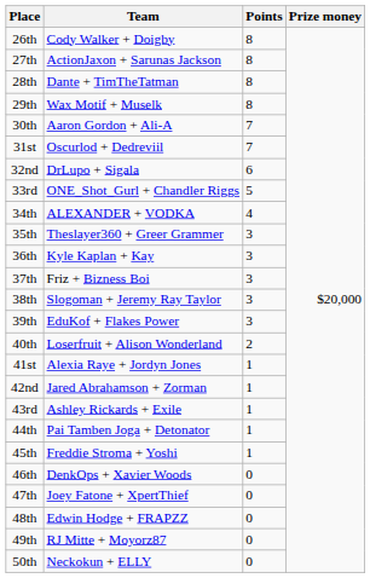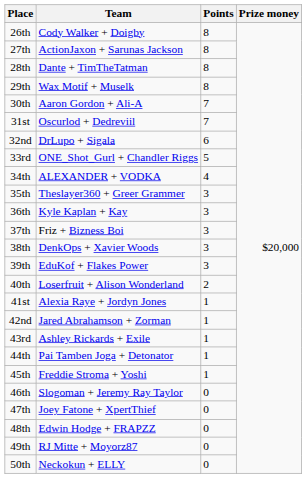 <table class="wikitable" style="display: inline-table; margin-left: 50px;text-align:left">
 <tr>
 <th>Place</th>
 <th>Team</th>
 <th>Points</th>
 <th>Prize money</th>
 </tr>
 <tr>
 <td style="text-align:center">26th</td>
 <td><a href='#'>Cody Walker</a> + <a href='#'>Doigby</a></td>
 <td>8</td>
 <td style="text-align:right" rowspan="25">$20,000</td>
 </tr>
 <tr>
 <td style="text-align:center">27th</td>
 <td><a href='#'>ActionJaxon</a> + <a href='#'>Sarunas Jackson</a></td>
 <td>8</td>
 </tr>
 <tr>
 <td style="text-align:center">28th</td>
 <td><a href='#'>Dante</a> + <a href='#'>TimTheTatman</a></td>
 <td>8</td>
 </tr>
 <tr>
 <td style="text-align:center">29th</td>
 <td><a href='#'>Wax Motif</a> + <a href='#'>Muselk</a></td>
 <td>8</td>
 </tr>
 <tr>
 <td style="text-align:center">30th</td>
 <td><a href='#'>Aaron Gordon</a> + <a href='#'>Ali-A</a></td>
 <td>7</td>
 </tr>
 <tr>
 <td style="text-align:center">31st</td>
 <td><a href='#'>Oscurlod</a> + <a href='#'>Dedreviil</a></td>
 <td>7</td>
 </tr>
 <tr>
 <td style="text-align:center">32nd</td>
 <td><a href='#'>DrLupo</a> + <a href='#'>Sigala</a></td>
 <td>6</td>
 </tr>
 <tr>
 <td style="text-align:center">33rd</td>
 <td><a href='#'>ONE_Shot_Gurl</a> + <a href='#'>Chandler Riggs</a></td>
 <td>5</td>
 </tr>
 <tr>
 <td style="text-align:center">34th</td>
 <td><a href='#'>ALEXANDER</a> + <a href='#'>VODKA</a></td>
 <td>4</td>
 </tr>
 <tr>
 <td style="text-align:center">35th</td>
 <td><a href='#'>Theslayer360</a> + <a href='#'>Greer Grammer</a></td>
 <td>3</td>
 </tr>
 <tr>
 <td style="text-align:center">36th</td>
 <td><a href='#'>Kyle Kaplan</a> + <a href='#'>Kay</a></td>
 <td>3</td>
 </tr>
 <tr>
 <td style="text-align:center">37th</td>
 <td>Friz + <a href='#'>Bizness Boi</a></td>
 <td>3</td>
 </tr>
 <tr>
 <td style="text-align:center">38th</td>
-<td><a href='#'>Slogoman</a> + <a href='#'>Jeremy Ray Taylor</a></td>
+<td><a href='#'>DenkOps</a> + <a href='#'>Xavier Woods</a></td>
 <td>3</td>
 </tr>
 <tr>
 <td style="text-align:center">39th</td>
 <td><a href='#'>EduKof</a> + <a href='#'>Flakes Power</a></td>
 <td>3</td>
 </tr>
 <tr>
 <td style="text-align:center">40th</td>
 <td><a href='#'>Loserfruit</a> + <a href='#'>Alison Wonderland</a></td>
 <td>2</td>
 </tr>
 <tr>
 <td style="text-align:center">41st</td>
 <td><a href='#'>Alexia Raye</a> + <a href='#'>Jordyn Jones</a></td>
 <td>1</td>
 </tr>
 <tr>
 <td style="text-align:center">42nd</td>
 <td><a href='#'>Jared Abrahamson</a> + <a href='#'>Zorman</a></td>
 <td>1</td>
 </tr>
 <tr>
 <td style="text-align:center">43rd</td>
 <td><a href='#'>Ashley Rickards</a> + <a href='#'>Exile</a></td>
 <td>1</td>
 </tr>
 <tr>
 <td style="text-align:center">44th</td>
 <td><a href='#'>Pai Tamben Joga</a> + <a href='#'>Detonator</a></td>
 <td>1</td>
 </tr>
 <tr>
 <td style="text-align:center">45th</td>
 <td><a href='#'>Freddie Stroma</a> + <a href='#'>Yoshi</a></td>
 <td>1</td>
 </tr>
 <tr>
 <td style="text-align:center">46th</td>
-<td><a href='#'>DenkOps</a> + <a href='#'>Xavier Woods</a></td>
+<td><a href='#'>Slogoman</a> + <a href='#'>Jeremy Ray Taylor</a></td>
 <td>0</td>
 </tr>
 <tr>
 <td style="text-align:center">47th</td>
 <td><a href='#'>Joey Fatone</a> + <a href='#'>XpertThief</a></td>
 <td>0</td>
 </tr>
 <tr>
 <td style="text-align:center">48th</td>
 <td><a href='#'>Edwin Hodge</a> + <a href='#'>FRAPZZ</a></td>
 <td>0</td>
 </tr>
 <tr>
 <td style="text-align:center">49th</td>
 <td><a href='#'>RJ Mitte</a> + <a href='#'>Moyorz87</a></td>
 <td>0</td>
 </tr>
 <tr>
 <td style="text-align:center">50th</td>
 <td><a href='#'>Neckokun</a> + <a href='#'>ELLY</a></td>
 <td>0</td>
 </tr>
 </table>
